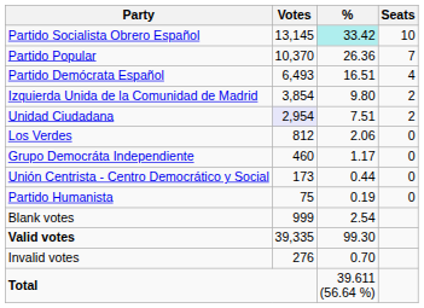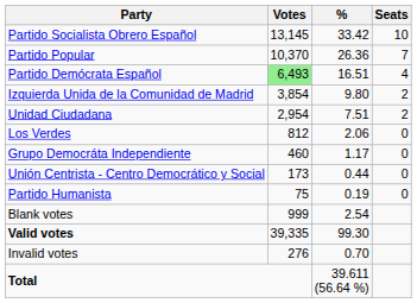 <table class="wikitable" border="1">
 <tr style="background-color:#E9E9E9">
 <th>Party</th>
 <th>Votes</th>
 <th>%</th>
 <th>Seats</th>
 </tr>
 <tr>
 <td><a href='#'>Partido Socialista Obrero Español</a></td>
 <td align="right">13,145</td>
-<td align="right" style="background: paleturquoise;">33.42</td>
+<td align="right">33.42</td>
 <td align="right">10</td>
 </tr>
 <tr>
 <td><a href='#'>Partido Popular</a></td>
 <td align="right">10,370</td>
 <td align="right">26.36</td>
 <td align="right">7</td>
 </tr>
 <tr>
 <td><a href='#'>Partido Demócrata Español</a></td>
-<td align="right">6,493</td>
+<td align="right" style="background: lightgreen;">6,493</td>
 <td align="right">16.51</td>
 <td align="right">4</td>
 </tr>
 <tr>
 <td><a href='#'>Izquierda Unida de la Comunidad de Madrid</a></td>
 <td align="right">3,854</td>
 <td align="right">9.80</td>
 <td align="right">2</td>
 </tr>
 <tr>
 <td><a href='#'>Unidad Ciudadana</a></td>
-<td align="right" style="background: lavender;">2,954</td>
+<td align="right">2,954</td>
 <td align="right">7.51</td>
 <td align="right">2</td>
 </tr>
 <tr>
 <td><a href='#'>Los Verdes</a></td>
 <td align="right">812</td>
 <td align="right">2.06</td>
 <td align="right">0</td>
 </tr>
 <tr>
 <td><a href='#'>Grupo Democráta Independiente</a></td>
 <td align="right">460</td>
 <td align="right">1.17</td>
 <td align="right">0</td>
 </tr>
 <tr>
 <td><a href='#'>Unión Centrista - Centro Democrático y Social</a></td>
 <td align="right">173</td>
 <td align="right">0.44</td>
 <td align="right">0</td>
 </tr>
 <tr>
 <td><a href='#'>Partido Humanista</a></td>
 <td align="right">75</td>
 <td align="right">0.19</td>
 <td align="right">0</td>
 </tr>
 <tr>
 <td>Blank votes</td>
 <td align="right">999</td>
 <td align="right">2.54</td>
 <td> </td>
 </tr>
 <tr>
 <td><strong>Valid votes</strong></td>
 <td align="right">39,335</td>
 <td align="right">99.30</td>
 <td> </td>
 </tr>
 <tr>
 <td>Invalid votes</td>
 <td align="right">276</td>
 <td align="right">0.70</td>
 <td> </td>
 </tr>
 <tr>
 <td colspan="2"><strong>Total</strong></td>
 <td align="right">39.611<br>(56.64 %)</td>
 <td></td>
 </tr>
 </table>
